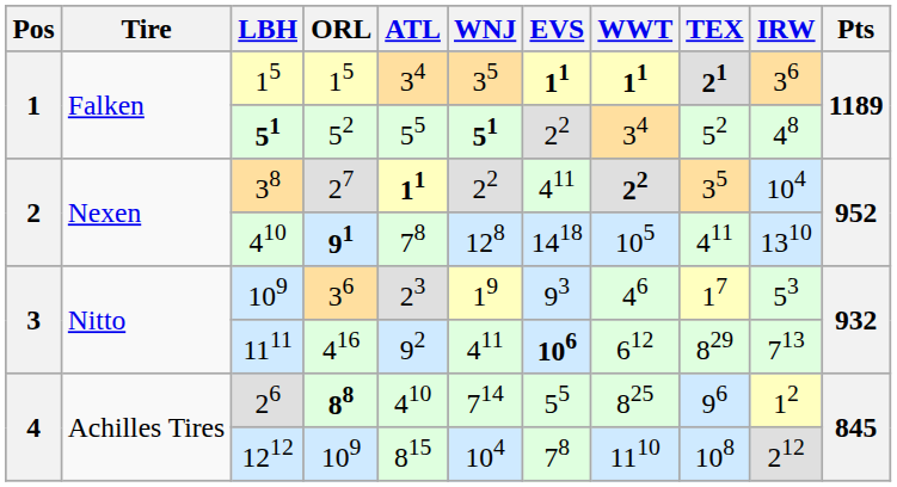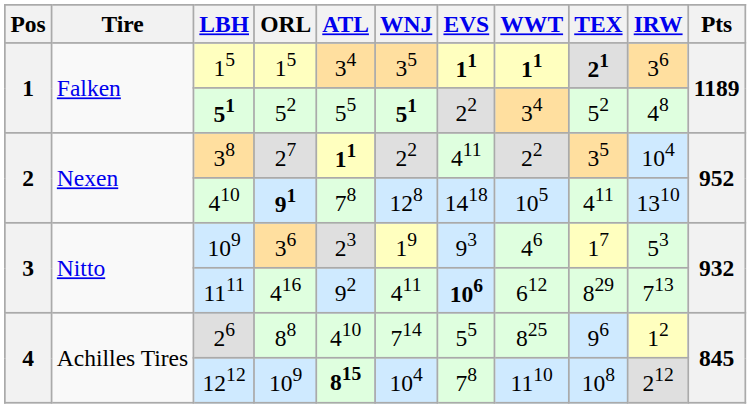 <table class="wikitable" style="font-size:85%;text-align:center">
 <tr>
 <th>Pos</th>
 <th>Tire</th>
 <th><a href='#'>LBH</a></th>
 <th>ORL</th>
 <th><a href='#'>ATL</a></th>
 <th><a href='#'>WNJ</a></th>
 <th><a href='#'>EVS</a></th>
 <th><a href='#'>WWT</a></th>
 <th><a href='#'>TEX</a></th>
 <th><a href='#'>IRW</a></th>
 <th>Pts</th>
 </tr>
 <tr>
 <th rowspan=2>1</th>
 <td rowspan=2 align=left><a href='#'>Falken</a></td>
 <td style="background:#ffffbf;">1<sup>5</sup></td>
 <td style="background:#ffffbf;">1<sup>5</sup></td>
 <td style="background:#ffdf9f;">3<sup>4</sup></td>
 <td style="background:#ffdf9f;">3<sup>5</sup></td>
 <td style="background:#ffffbf;"><strong>1<sup>1</sup></strong></td>
 <td style="background:#ffffbf;"><strong>1<sup>1</sup></strong></td>
 <td style="background:#dfdfdf;"><strong>2<sup>1</sup></strong></td>
 <td style="background:#ffdf9f;">3<sup>6</sup></td>
 <th rowspan=2>1189</th>
 </tr>
 <tr>
 <td style="background:#dfffdf;"><strong>5<sup>1</sup></strong></td>
 <td style="background:#dfffdf;">5<sup>2</sup></td>
 <td style="background:#dfffdf;">5<sup>5</sup></td>
 <td style="background:#dfffdf;"><strong>5<sup>1</sup></strong></td>
 <td style="background:#dfdfdf;">2<sup>2</sup></td>
 <td style="background:#ffdf9f;">3<sup>4</sup></td>
 <td style="background:#dfffdf;">5<sup>2</sup></td>
 <td style="background:#dfffdf;">4<sup>8</sup></td>
 </tr>
 <tr>
 <th rowspan=2>2</th>
 <td rowspan=2 align=left><a href='#'>Nexen</a></td>
 <td style="background:#ffdf9f;">3<sup>8</sup></td>
 <td style="background:#dfdfdf;">2<sup>7</sup></td>
 <td style="background:#ffffbf;"><strong>1<sup>1</sup></strong></td>
 <td style="background:#dfdfdf;">2<sup>2</sup></td>
 <td style="background:#dfffdf;">4<sup>11</sup></td>
-<td style="background:#dfdfdf;"><strong>2<sup>2</sup></strong></td>
+<td style="background:#dfdfdf;">2<sup>2</sup></td>
 <td style="background:#ffdf9f;">3<sup>5</sup></td>
 <td style="background:#cfeaff;">10<sup>4</sup></td>
 <th rowspan=2>952</th>
 </tr>
 <tr>
 <td style="background:#dfffdf;">4<sup>10</sup></td>
 <td style="background:#cfeaff;"><strong>9<sup>1</sup></strong></td>
 <td style="background:#dfffdf;">7<sup>8</sup></td>
 <td style="background:#cfeaff;">12<sup>8</sup></td>
 <td style="background:#cfeaff;">14<sup>18</sup></td>
 <td style="background:#cfeaff;">10<sup>5</sup></td>
 <td style="background:#dfffdf;">4<sup>11</sup></td>
 <td style="background:#cfeaff;">13<sup>10</sup></td>
 </tr>
 <tr>
 <th rowspan=2>3</th>
 <td rowspan=2 align=left><a href='#'>Nitto</a></td>
 <td style="background:#cfeaff;">10<sup>9</sup></td>
 <td style="background:#ffdf9f;">3<sup>6</sup></td>
 <td style="background:#dfdfdf;">2<sup>3</sup></td>
 <td style="background:#ffffbf;">1<sup>9</sup></td>
 <td style="background:#cfeaff;">9<sup>3</sup></td>
 <td style="background:#dfffdf;">4<sup>6</sup></td>
 <td style="background:#ffffbf;">1<sup>7</sup></td>
 <td style="background:#dfffdf;">5<sup>3</sup></td>
 <th rowspan=2>932</th>
 </tr>
 <tr>
 <td style="background:#cfeaff;">11<sup>11</sup></td>
 <td style="background:#dfffdf;">4<sup>16</sup></td>
 <td style="background:#cfeaff;">9<sup>2</sup></td>
 <td style="background:#dfffdf;">4<sup>11</sup></td>
 <td style="background:#cfeaff;"><strong>10<sup>6</sup></strong></td>
 <td style="background:#dfffdf;">6<sup>12</sup></td>
 <td style="background:#dfffdf;">8<sup>29</sup></td>
 <td style="background:#dfffdf;">7<sup>13</sup></td>
 </tr>
 <tr>
 <th rowspan=2>4</th>
 <td rowspan=2 align=left>Achilles Tires</td>
 <td style="background:#dfdfdf;">2<sup>6</sup></td>
-<td style="background:#dfffdf;"><strong>8<sup>8</sup></strong></td>
+<td style="background:#dfffdf;">8<sup>8</sup></td>
 <td style="background:#dfffdf;">4<sup>10</sup></td>
 <td style="background:#dfffdf;">7<sup>14</sup></td>
 <td style="background:#dfffdf;">5<sup>5</sup></td>
 <td style="background:#dfffdf;">8<sup>25</sup></td>
 <td style="background:#cfeaff;">9<sup>6</sup></td>
 <td style="background:#ffffbf;">1<sup>2</sup></td>
 <th rowspan=2>845</th>
 </tr>
 <tr>
 <td style="background:#cfeaff;">12<sup>12</sup></td>
 <td style="background:#cfeaff;">10<sup>9</sup></td>
-<td style="background:#dfffdf;">8<sup>15</sup></td>
+<td style="background:#dfffdf;"><strong>8<sup>15</sup></strong></td>
 <td style="background:#cfeaff;">10<sup>4</sup></td>
 <td style="background:#dfffdf;">7<sup>8</sup></td>
 <td style="background:#cfeaff;">11<sup>10</sup></td>
 <td style="background:#cfeaff;">10<sup>8</sup></td>
 <td style="background:#dfdfdf;">2<sup>12</sup></td>
 </tr>
 </table>
